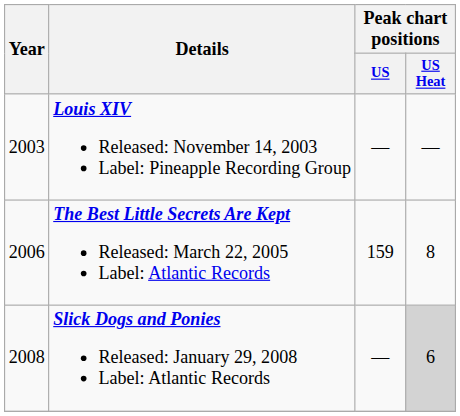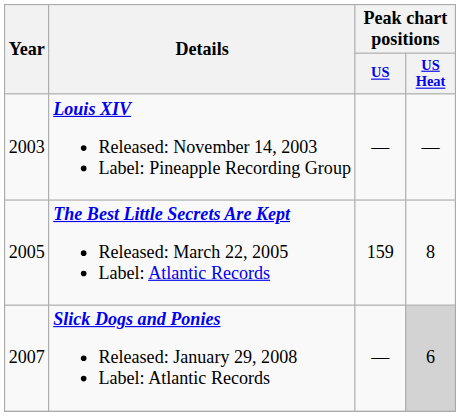 <table class="wikitable">
 <tr>
 <th rowspan="2">Year</th>
 <th rowspan="2">Details</th>
 <th colspan="2">Peak chart positions</th>
 </tr>
 <tr>
 <th style="width:3em;font-size:80%;"><a href='#'>US</a><br></th>
 <th style="width:3em;font-size:80%;"><a href='#'>US<br>Heat</a><br></th>
 </tr>
 <tr>
 <td style="text-align:center;">2003</td>
 <td><strong><em><a href='#'>Louis XIV</a></em></strong><br><ul><li>Released: November 14, 2003</li><li>Label: Pineapple Recording Group</li></ul></td>
 <td style="text-align:center;">—</td>
 <td style="text-align:center;">—</td>
 </tr>
 <tr>
-<td style="text-align:center;">2006</td>
+<td style="text-align:center;">2005</td>
 <td><strong><em><a href='#'>The Best Little Secrets Are Kept</a></em></strong><br><ul><li>Released: March 22, 2005</li><li>Label: <a href='#'>Atlantic Records</a></li></ul></td>
 <td style="text-align:center;">159</td>
 <td style="text-align:center;">8</td>
 </tr>
 <tr>
-<td style="text-align:center;">2008</td>
+<td style="text-align:center;">2007</td>
 <td><strong><em><a href='#'>Slick Dogs and Ponies</a></em></strong><br><ul><li>Released: January 29, 2008</li><li>Label: Atlantic Records</li></ul></td>
 <td style="text-align:center;">—</td>
 <td style="background: lightgrey; text-align:center;">6</td>
 </tr>
 <tr>
 </tr>
 </table>
